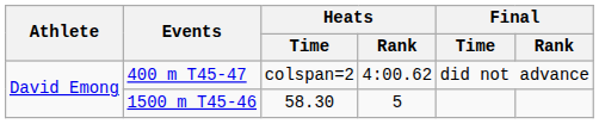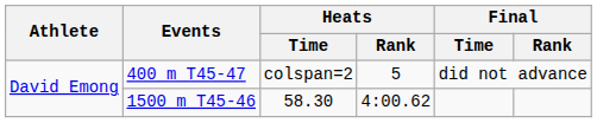 <table class=wikitable style="font-size:90%">
 <tr>
 <th rowspan="2">Athlete</th>
 <th rowspan="2">Events</th>
 <th colspan="2">Heats</th>
 <th colspan="2">Final</th>
 </tr>
 <tr>
 <th scope="col">Time</th>
 <th scope="col">Rank</th>
 <th scope="col">Time</th>
 <th scope="col">Rank</th>
 </tr>
 <tr align=center>
 <td align=left rowspan=2><a href='#'>David Emong</a></td>
 <td align=left><a href='#'>400 m T45-47</a></td>
 <td>colspan=2 </td>
-<td>4:00.62</td>
+<td>5</td>
 <td colspan=2>did not advance</td>
 </tr>
 <tr align=center>
 <td align=left><a href='#'>1500 m T45-46</a></td>
 <td>58.30</td>
-<td>5</td>
+<td>4:00.62</td>
 <td></td>
 </tr>
 </table>
